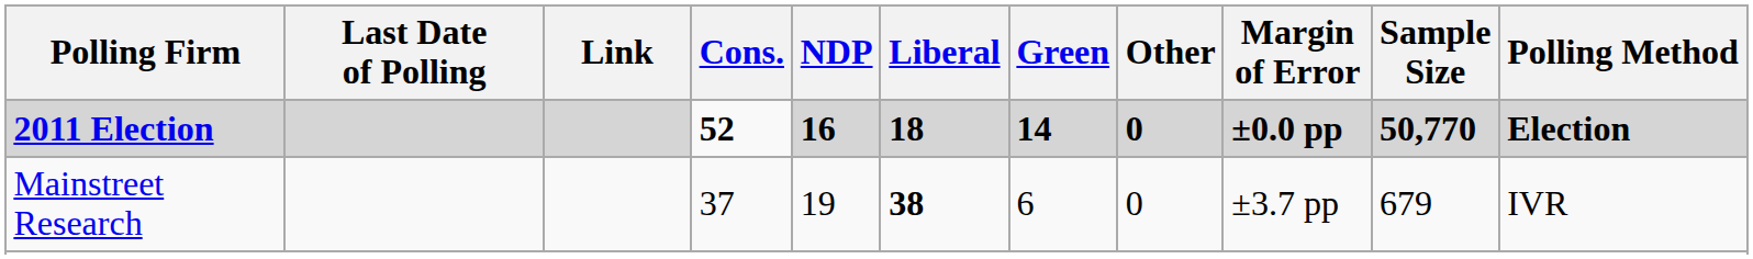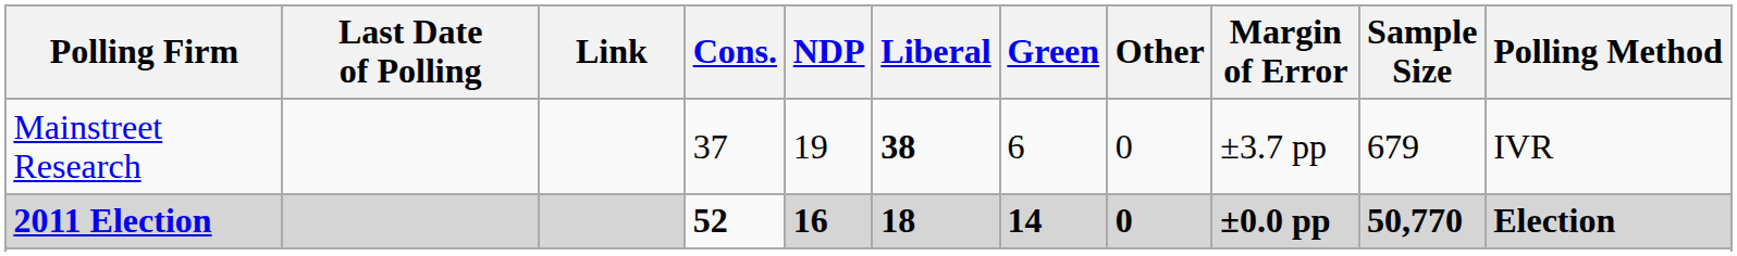 <table class="wikitable sortable">
 <tr style="background:#e9e9e9;">
 <th style="width:120px">Polling Firm</th>
 <th style="width:110px">Last Date<br>of Polling</th>
 <th style="width:60px" class="unsortable">Link</th>
 <th style="background-color:"><strong><a href='#'>Cons.</a></strong></th>
 <th style="background-color:"><strong><a href='#'>NDP</a></strong></th>
 <th style="background-color:"><strong><a href='#'>Liberal</a></strong></th>
 <th style="background-color:"><strong><a href='#'>Green</a></strong></th>
 <th style="background-color:"><strong>Other</strong></th>
 <th style="width:60px;" class=unsortable>Margin<br>of Error</th>
 <th style="width:50px;" class=unsortable>Sample<br>Size</th>
 <th class=unsortable>Polling Method</th>
 </tr>
 <tr>
+<td><a href='#'>Mainstreet Research</a></td>
+<td></td>
+<td></td>
+<td>37</td>
+<td>19</td>
+<td><strong>38</strong></td>
+<td>6</td>
+<td>0</td>
+<td>±3.7 pp</td>
+<td>679</td>
+<td>IVR</td>
+</tr>
+<tr>
 <td style="background:#D5D5D5"><strong><a href='#'>2011 Election</a></strong></td>
 <td style="background:#D5D5D5"><strong></strong></td>
 <td style="background:#D5D5D5"></td>
 <td><strong>52</strong></td>
 <td style="background:#D5D5D5"><strong>16</strong></td>
 <td style="background:#D5D5D5"><strong>18</strong></td>
 <td style="background:#D5D5D5"><strong>14</strong></td>
 <td style="background:#D5D5D5"><strong>0</strong></td>
 <td style="background:#D5D5D5"><strong>±0.0 pp</strong></td>
 <td style="background:#D5D5D5"><strong>50,770</strong></td>
 <td style="background:#D5D5D5"><strong>Election</strong></td>
 </tr>
 <tr>
-<td><a href='#'>Mainstreet Research</a></td>
-<td></td>
-<td></td>
-<td>37</td>
-<td>19</td>
-<td><strong>38</strong></td>
-<td>6</td>
-<td>0</td>
-<td>±3.7 pp</td>
-<td>679</td>
-<td>IVR</td>
-</tr>
-<tr>
 </tr>
 <tr>
 </tr>
 </table>
